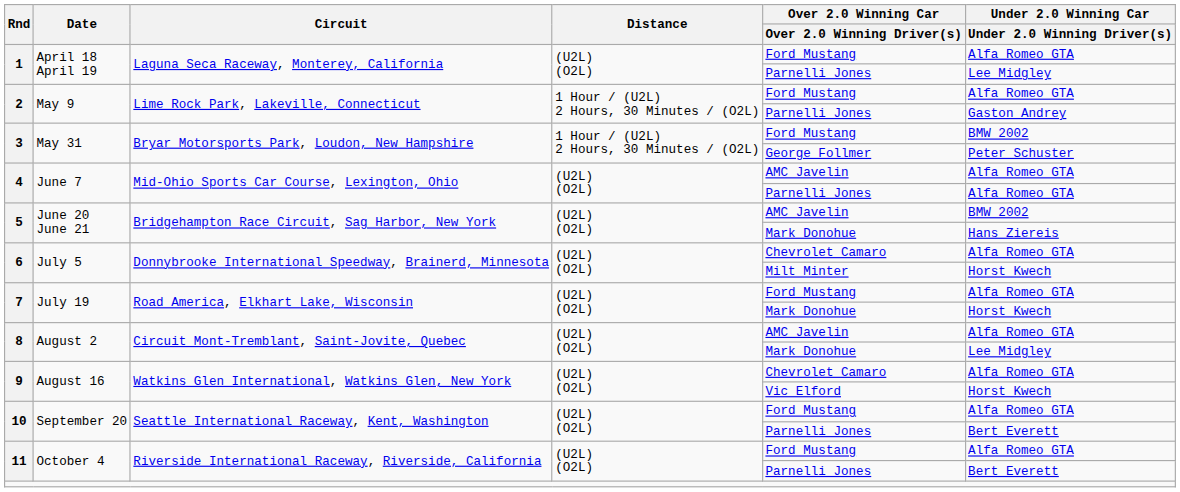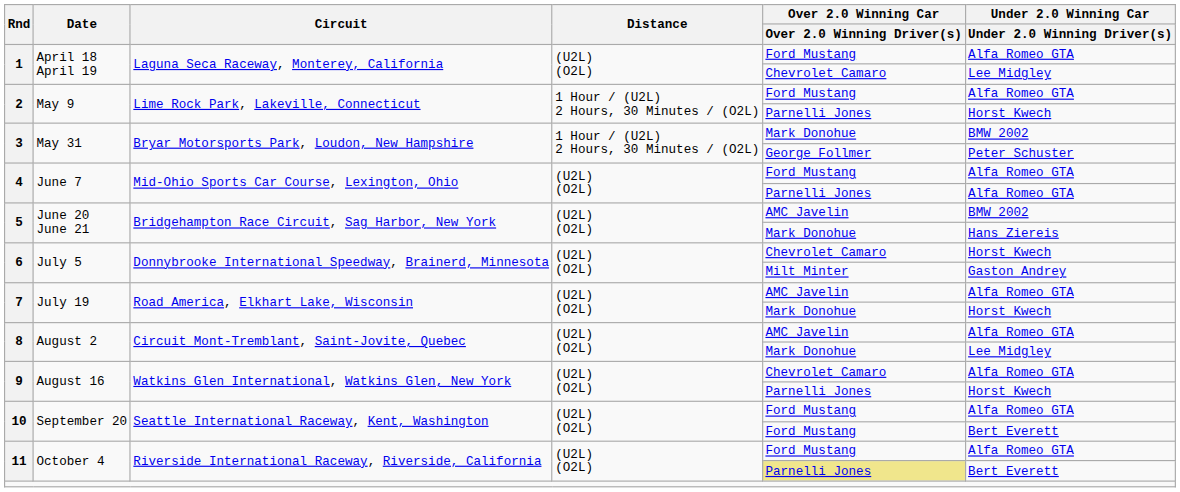 <table class="wikitable" style="font-size: 85%">
 <tr>
 <th rowspan=2>Rnd</th>
 <th rowspan=2>Date</th>
 <th rowspan=2>Circuit</th>
 <th rowspan=2>Distance</th>
 <th>Over 2.0 Winning Car</th>
 <th>Under 2.0 Winning Car</th>
 </tr>
 <tr>
 <th>Over 2.0 Winning Driver(s)</th>
 <th>Under 2.0 Winning Driver(s)</th>
 </tr>
 <tr>
 <th rowspan=2>1</th>
 <td rowspan=2>April 18<br>April 19</td>
 <td rowspan=2><a href='#'>Laguna Seca Raceway</a>, <a href='#'>Monterey, California</a></td>
 <td rowspan=2> (U2L)<br> (O2L)</td>
 <td><a href='#'>Ford Mustang</a></td>
 <td><a href='#'>Alfa Romeo GTA</a></td>
 </tr>
 <tr>
-<td> <a href='#'>Parnelli Jones</a></td>
+<td><a href='#'>Chevrolet Camaro</a></td>
 <td> <a href='#'>Lee Midgley</a></td>
 </tr>
 <tr>
 <th rowspan=2>2</th>
 <td rowspan=2>May 9</td>
 <td rowspan=2><a href='#'>Lime Rock Park</a>, <a href='#'>Lakeville, Connecticut</a></td>
 <td rowspan=2>1 Hour /  (U2L)<br>2 Hours, 30 Minutes /  (O2L)</td>
 <td><a href='#'>Ford Mustang</a></td>
 <td><a href='#'>Alfa Romeo GTA</a></td>
 </tr>
 <tr>
 <td> <a href='#'>Parnelli Jones</a></td>
-<td> <a href='#'>Gaston Andrey</a></td>
+<td> <a href='#'>Horst Kwech</a></td>
 </tr>
 <tr>
 <th rowspan=2>3</th>
 <td rowspan=2>May 31</td>
 <td rowspan=2><a href='#'>Bryar Motorsports Park</a>, <a href='#'>Loudon, New Hampshire</a></td>
 <td rowspan=2>1 Hour /  (U2L)<br>2 Hours, 30 Minutes /  (O2L)</td>
-<td><a href='#'>Ford Mustang</a></td>
+<td> <a href='#'>Mark Donohue</a></td>
 <td><a href='#'>BMW 2002</a></td>
 </tr>
 <tr>
 <td> <a href='#'>George Follmer</a></td>
 <td> <a href='#'>Peter Schuster</a></td>
 </tr>
 <tr>
 <th rowspan=2>4</th>
 <td rowspan=2>June 7</td>
 <td rowspan=2><a href='#'>Mid-Ohio Sports Car Course</a>, <a href='#'>Lexington, Ohio</a></td>
 <td rowspan=2> (U2L)<br> (O2L)</td>
-<td><a href='#'>AMC Javelin</a></td>
+<td><a href='#'>Ford Mustang</a></td>
 <td><a href='#'>Alfa Romeo GTA</a></td>
 </tr>
 <tr>
 <td> <a href='#'>Parnelli Jones</a></td>
 <td><a href='#'>Alfa Romeo GTA</a></td>
 </tr>
 <tr>
 <th rowspan=2>5</th>
 <td rowspan=2>June 20<br>June 21</td>
 <td rowspan=2><a href='#'>Bridgehampton Race Circuit</a>, <a href='#'>Sag Harbor, New York</a></td>
 <td rowspan=2> (U2L)<br> (O2L)</td>
 <td><a href='#'>AMC Javelin</a></td>
 <td><a href='#'>BMW 2002</a></td>
 </tr>
 <tr>
 <td> <a href='#'>Mark Donohue</a></td>
 <td> <a href='#'>Hans Ziereis</a></td>
 </tr>
 <tr>
 <th rowspan=2>6</th>
 <td rowspan=2>July 5</td>
 <td rowspan=2><a href='#'>Donnybrooke International Speedway</a>, <a href='#'>Brainerd, Minnesota</a></td>
 <td rowspan=2> (U2L)<br> (O2L)</td>
 <td><a href='#'>Chevrolet Camaro</a></td>
-<td><a href='#'>Alfa Romeo GTA</a></td>
+<td> <a href='#'>Horst Kwech</a></td>
 </tr>
 <tr>
 <td> <a href='#'>Milt Minter</a></td>
-<td> <a href='#'>Horst Kwech</a></td>
+<td> <a href='#'>Gaston Andrey</a></td>
 </tr>
 <tr>
 <th rowspan=2>7</th>
 <td rowspan=2>July 19</td>
 <td rowspan=2><a href='#'>Road America</a>, <a href='#'>Elkhart Lake, Wisconsin</a></td>
 <td rowspan=2> (U2L)<br> (O2L)</td>
-<td><a href='#'>Ford Mustang</a></td>
+<td><a href='#'>AMC Javelin</a></td>
 <td><a href='#'>Alfa Romeo GTA</a></td>
 </tr>
 <tr>
 <td> <a href='#'>Mark Donohue</a></td>
 <td> <a href='#'>Horst Kwech</a></td>
 </tr>
 <tr>
 <th rowspan=2>8</th>
 <td rowspan=2>August 2</td>
 <td rowspan=2><a href='#'>Circuit Mont-Tremblant</a>, <a href='#'>Saint-Jovite, Quebec</a></td>
 <td rowspan=2> (U2L)<br> (O2L)</td>
 <td><a href='#'>AMC Javelin</a></td>
 <td><a href='#'>Alfa Romeo GTA</a></td>
 </tr>
 <tr>
 <td> <a href='#'>Mark Donohue</a></td>
 <td> <a href='#'>Lee Midgley</a></td>
 </tr>
 <tr>
 <th rowspan=2>9</th>
 <td rowspan=2>August 16</td>
 <td rowspan=2><a href='#'>Watkins Glen International</a>, <a href='#'>Watkins Glen, New York</a></td>
 <td rowspan=2> (U2L)<br> (O2L)</td>
 <td><a href='#'>Chevrolet Camaro</a></td>
 <td><a href='#'>Alfa Romeo GTA</a></td>
 </tr>
 <tr>
-<td> <a href='#'>Vic Elford</a></td>
+<td> <a href='#'>Parnelli Jones</a></td>
 <td> <a href='#'>Horst Kwech</a></td>
 </tr>
 <tr>
 <th rowspan=2>10</th>
 <td rowspan=2>September 20</td>
 <td rowspan=2><a href='#'>Seattle International Raceway</a>, <a href='#'>Kent, Washington</a></td>
 <td rowspan=2> (U2L)<br> (O2L)</td>
 <td><a href='#'>Ford Mustang</a></td>
 <td><a href='#'>Alfa Romeo GTA</a></td>
 </tr>
 <tr>
-<td> <a href='#'>Parnelli Jones</a></td>
+<td><a href='#'>Ford Mustang</a></td>
 <td> <a href='#'>Bert Everett</a></td>
 </tr>
 <tr>
 <th rowspan=2>11</th>
 <td rowspan=2>October 4</td>
 <td rowspan=2><a href='#'>Riverside International Raceway</a>, <a href='#'>Riverside, California</a></td>
 <td rowspan=2> (U2L)<br> (O2L)</td>
 <td><a href='#'>Ford Mustang</a></td>
 <td><a href='#'>Alfa Romeo GTA</a></td>
 </tr>
 <tr>
-<td> <a href='#'>Parnelli Jones</a></td>
+<td style="background: khaki;"> <a href='#'>Parnelli Jones</a></td>
 <td> <a href='#'>Bert Everett</a></td>
 </tr>
 <tr>
 <td style="text-align:center;" colspan=6></td>
 </tr>
 </table>
